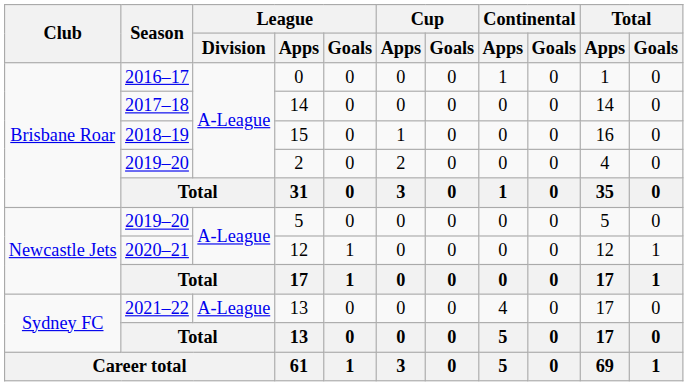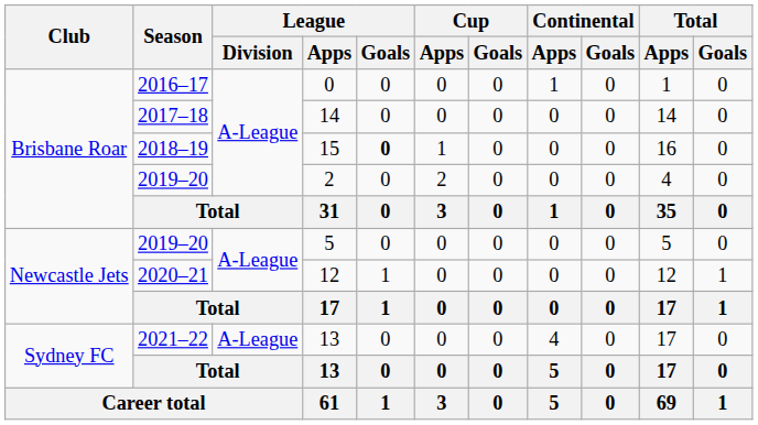 <table class="wikitable" style="text-align: center;">
 <tr>
 <th rowspan="2">Club</th>
 <th rowspan="2">Season</th>
 <th colspan="3">League</th>
 <th colspan="2">Cup</th>
 <th colspan="2">Continental</th>
 <th colspan="2">Total</th>
 </tr>
 <tr>
 <th>Division</th>
 <th>Apps</th>
 <th>Goals</th>
 <th>Apps</th>
 <th>Goals</th>
 <th>Apps</th>
 <th>Goals</th>
 <th>Apps</th>
 <th>Goals</th>
 </tr>
 <tr>
 <td rowspan=5><a href='#'>Brisbane Roar</a></td>
 <td><a href='#'>2016–17</a></td>
 <td rowspan=4><a href='#'>A-League</a></td>
 <td>0</td>
 <td>0</td>
 <td>0</td>
 <td>0</td>
 <td>1</td>
 <td>0</td>
 <td>1</td>
 <td>0</td>
 </tr>
 <tr>
 <td><a href='#'>2017–18</a></td>
 <td>14</td>
 <td>0</td>
 <td>0</td>
 <td>0</td>
 <td>0</td>
 <td>0</td>
 <td>14</td>
 <td>0</td>
 </tr>
 <tr>
 <td><a href='#'>2018–19</a></td>
 <td>15</td>
-<td>0</td>
+<td><strong>0</strong></td>
 <td>1</td>
 <td>0</td>
 <td>0</td>
 <td>0</td>
 <td>16</td>
 <td>0</td>
 </tr>
 <tr>
 <td><a href='#'>2019–20</a></td>
 <td>2</td>
 <td>0</td>
 <td>2</td>
 <td>0</td>
 <td>0</td>
 <td>0</td>
 <td>4</td>
 <td>0</td>
 </tr>
 <tr>
 <th colspan=2>Total</th>
 <th>31</th>
 <th>0</th>
 <th>3</th>
 <th>0</th>
 <th>1</th>
 <th>0</th>
 <th>35</th>
 <th>0</th>
 </tr>
 <tr>
 <td rowspan=3><a href='#'>Newcastle Jets</a></td>
 <td><a href='#'>2019–20</a></td>
 <td rowspan=2><a href='#'>A-League</a></td>
 <td>5</td>
 <td>0</td>
 <td>0</td>
 <td>0</td>
 <td>0</td>
 <td>0</td>
 <td>5</td>
 <td>0</td>
 </tr>
 <tr>
 <td><a href='#'>2020–21</a></td>
 <td>12</td>
 <td>1</td>
 <td>0</td>
 <td>0</td>
 <td>0</td>
 <td>0</td>
 <td>12</td>
 <td>1</td>
 </tr>
 <tr>
 <th colspan=2>Total</th>
 <th>17</th>
 <th>1</th>
 <th>0</th>
 <th>0</th>
 <th>0</th>
 <th>0</th>
 <th>17</th>
 <th>1</th>
 </tr>
 <tr>
 <td rowspan="2"><a href='#'>Sydney FC</a></td>
 <td><a href='#'>2021–22</a></td>
 <td><a href='#'>A-League</a></td>
 <td>13</td>
 <td>0</td>
 <td>0</td>
 <td>0</td>
 <td>4</td>
 <td>0</td>
 <td>17</td>
 <td>0</td>
 </tr>
 <tr>
 <th colspan="2">Total</th>
 <th>13</th>
 <th>0</th>
 <th>0</th>
 <th>0</th>
 <th>5</th>
 <th>0</th>
 <th>17</th>
 <th>0</th>
 </tr>
 <tr>
 <th colspan="3">Career total</th>
 <th>61</th>
 <th>1</th>
 <th>3</th>
 <th>0</th>
 <th>5</th>
 <th>0</th>
 <th>69</th>
 <th>1</th>
 </tr>
 </table>
